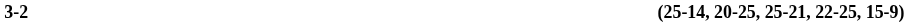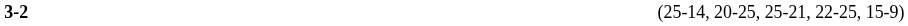 <table width=100% cellspacing=1>
 <tr>
 <th width=20%></th>
 <th width=12%></th>
 <th width=20%></th>
 <th width=33%></th>
 <td></td>
 </tr>
 <tr style=font-size:90%>
 <td align=right></td>
 <td align=center><strong>3-2</strong></td>
 <td></td>
-<td><strong>(25-14, 20-25, 25-21, 22-25, 15-9)</strong></td>
+<td>(25-14, 20-25, 25-21, 22-25, 15-9)</td>
 </tr>
 </table>
